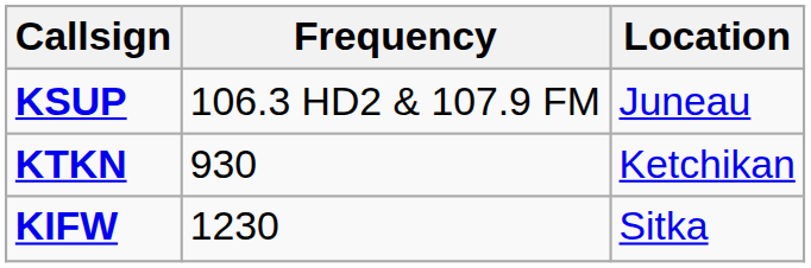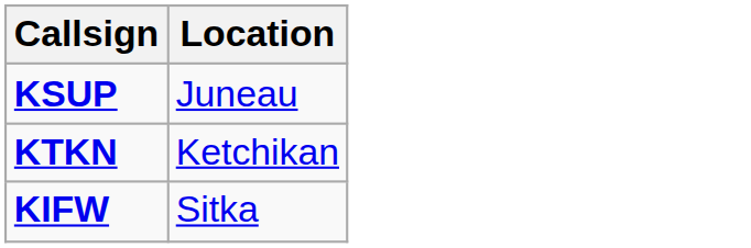 <table class="wikitable sortable">
 <tr>
 <th>Callsign</th>
-<th>Frequency</th>
 <th>Location</th>
 </tr>
 <tr>
 <td><strong><a href='#'>KSUP</a></strong></td>
-<td data-sort-value=106300>106.3 HD2 & 107.9 FM</td>
 <td><a href='#'>Juneau</a></td>
 </tr>
 <tr>
 <td><strong><a href='#'>KTKN</a></strong></td>
-<td data-sort-value=000930>930</td>
 <td><a href='#'>Ketchikan</a></td>
 </tr>
 <tr>
 <td><strong><a href='#'>KIFW</a></strong></td>
-<td data-sort-value=001230>1230</td>
 <td><a href='#'>Sitka</a></td>
 </tr>
 </table>
